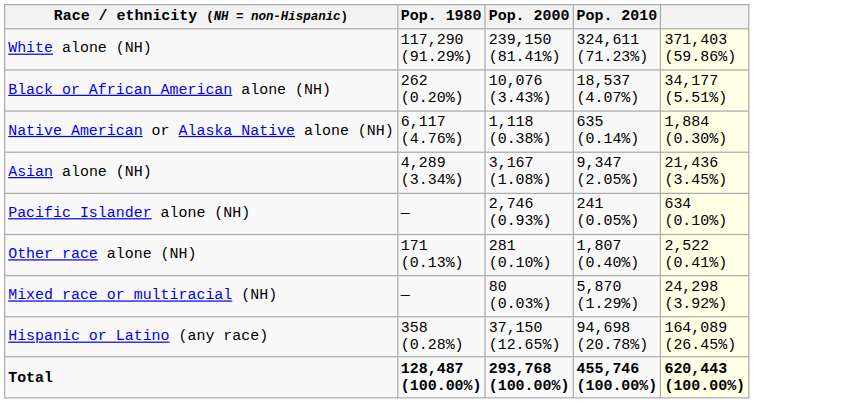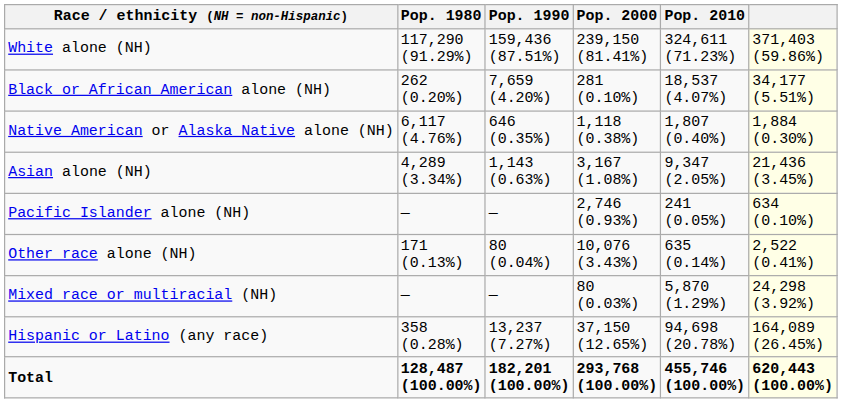 <table class="wikitable sortable collapsible" style="font-size: 95%;">
 <tr>
 <th>Race / ethnicity <small>(<em>NH = non-Hispanic</em>)</small></th>
 <th>Pop. 1980</th>
+<th>Pop. 1990</th>
 <th>Pop. 2000</th>
 <th>Pop. 2010</th>
 <th></th>
 </tr>
 <tr>
 <td><a href='#'>White</a> alone (NH)</td>
 <td>117,290<br>(91.29%)</td>
+<td>159,436<br>(87.51%)</td>
 <td>239,150<br>(81.41%)</td>
 <td>324,611<br>(71.23%)</td>
 <td style='background: #ffffe6;'>371,403<br>(59.86%)</td>
 </tr>
 <tr>
 <td><a href='#'>Black or African American</a> alone (NH)</td>
 <td>262<br>(0.20%)</td>
-<td>10,076<br>(3.43%)</td>
+<td>7,659<br>(4.20%)</td>
+<td>281<br>(0.10%)</td>
 <td>18,537<br>(4.07%)</td>
 <td style='background: #ffffe6;'>34,177<br>(5.51%)</td>
 </tr>
 <tr>
 <td><a href='#'>Native American</a> or <a href='#'>Alaska Native</a> alone (NH)</td>
 <td>6,117<br>(4.76%)</td>
+<td>646<br>(0.35%)</td>
 <td>1,118<br>(0.38%)</td>
-<td>635<br>(0.14%)</td>
+<td>1,807<br>(0.40%)</td>
 <td style='background: #ffffe6;'>1,884<br>(0.30%)</td>
 </tr>
 <tr>
 <td><a href='#'>Asian</a> alone (NH)</td>
 <td>4,289<br>(3.34%)</td>
+<td>1,143<br>(0.63%)</td>
 <td>3,167<br>(1.08%)</td>
 <td>9,347<br>(2.05%)</td>
 <td style='background: #ffffe6;'>21,436<br>(3.45%)</td>
 </tr>
 <tr>
 <td><a href='#'>Pacific Islander</a> alone (NH)</td>
+<td>—</td>
 <td>—</td>
 <td>2,746<br>(0.93%)</td>
 <td>241<br>(0.05%)</td>
 <td style='background: #ffffe6;'>634<br>(0.10%)</td>
 </tr>
 <tr>
 <td><a href='#'>Other race</a> alone (NH)</td>
 <td>171<br>(0.13%)</td>
-<td>281<br>(0.10%)</td>
-<td>1,807<br>(0.40%)</td>
+<td>80<br>(0.04%)</td>
+<td>10,076<br>(3.43%)</td>
+<td>635<br>(0.14%)</td>
 <td style='background: #ffffe6;'>2,522<br>(0.41%)</td>
 </tr>
 <tr>
 <td><a href='#'>Mixed race or multiracial</a> (NH)</td>
+<td>—</td>
 <td>—</td>
 <td>80<br>(0.03%)</td>
 <td>5,870<br>(1.29%)</td>
 <td style='background: #ffffe6;'>24,298<br>(3.92%)</td>
 </tr>
 <tr>
 <td><a href='#'>Hispanic or Latino</a> (any race)</td>
 <td>358<br>(0.28%)</td>
+<td>13,237<br>(7.27%)</td>
 <td>37,150<br>(12.65%)</td>
 <td>94,698<br>(20.78%)</td>
 <td style='background: #ffffe6;'>164,089<br>(26.45%)</td>
 </tr>
 <tr>
 <td><strong>Total</strong></td>
 <td><strong>128,487<br>(100.00%)</strong></td>
+<td><strong>182,201<br>(100.00%)</strong></td>
 <td><strong>293,768<br>(100.00%)</strong></td>
 <td><strong>455,746<br>(100.00%)</strong></td>
 <td style='background: #ffffe6;'><strong>620,443<br>(100.00%)</strong></td>
 </tr>
 </table>
